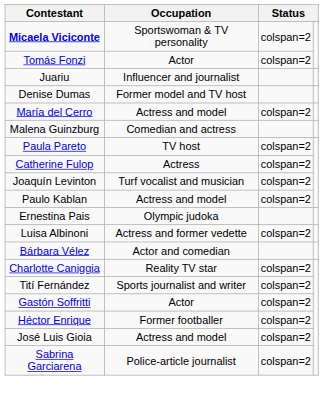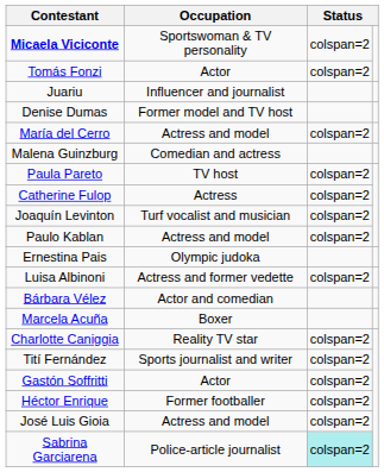 <table class="wikitable" style="margin:auto; text-align:center; width:70%; font-size:95%">
 <tr>
 <th>Contestant</th>
 <th>Occupation</th>
 <th colspan=2>Status</th>
 </tr>
 <tr>
 <td><strong><a href='#'>Micaela Viciconte</a></strong></td>
 <td>Sportswoman & TV personality</td>
 <td>colspan=2 </td>
 </tr>
 <tr>
 <td><a href='#'>Tomás Fonzi</a></td>
 <td>Actor</td>
 <td>colspan=2 </td>
 </tr>
 <tr>
 <td>Juariu</td>
 <td>Influencer and journalist</td>
 <td></td>
 <td></td>
 </tr>
 <tr>
 <td>Denise Dumas</td>
 <td>Former model and TV host</td>
 <td></td>
 <td></td>
 </tr>
 <tr>
 <td><a href='#'>María del Cerro</a></td>
 <td>Actress and model</td>
 <td>colspan=2 </td>
 </tr>
 <tr>
 <td>Malena Guinzburg</td>
 <td>Comedian and actress</td>
 <td></td>
 <td></td>
 </tr>
 <tr>
 <td><a href='#'>Paula Pareto</a></td>
 <td>TV host</td>
 <td>colspan=2 </td>
 </tr>
 <tr>
 <td><a href='#'>Catherine Fulop</a></td>
 <td>Actress</td>
 <td>colspan=2 </td>
 </tr>
 <tr>
 <td>Joaquín Levinton</td>
 <td>Turf vocalist and musician</td>
 <td>colspan=2 </td>
 </tr>
 <tr>
 <td>Paulo Kablan</td>
 <td>Actress and model</td>
 <td>colspan=2 </td>
 </tr>
 <tr>
 <td>Ernestina Pais</td>
 <td>Olympic judoka</td>
 <td></td>
 <td></td>
 </tr>
 <tr>
 <td>Luisa Albinoni</td>
 <td>Actress and former vedette</td>
 <td>colspan=2 </td>
 </tr>
 <tr>
 <td><a href='#'>Bárbara Vélez</a></td>
 <td>Actor and comedian</td>
 <td></td>
 <td></td>
 </tr>
 <tr>
+<td><a href='#'>Marcela Acuña</a></td>
+<td>Boxer</td>
+<td></td>
+<td></td>
+</tr>
+<tr>
 <td><a href='#'>Charlotte Caniggia</a></td>
 <td>Reality TV star</td>
 <td>colspan=2 </td>
 </tr>
 <tr>
 <td>Tití Fernández</td>
 <td>Sports journalist and writer</td>
 <td>colspan=2 </td>
 </tr>
 <tr>
 <td><a href='#'>Gastón Soffritti</a></td>
 <td>Actor</td>
 <td>colspan=2 </td>
 </tr>
 <tr>
 <td><a href='#'>Héctor Enrique</a></td>
 <td>Former footballer</td>
 <td>colspan=2 </td>
 </tr>
 <tr>
 <td>José Luis Gioia</td>
 <td>Actress and model</td>
 <td>colspan=2 </td>
 </tr>
 <tr>
 <td><a href='#'>Sabrina Garciarena</a></td>
 <td>Police-article journalist</td>
-<td>colspan=2 </td>
+<td style="background: paleturquoise;">colspan=2 </td>
 </tr>
 </table>
